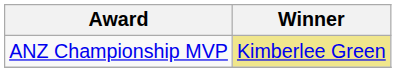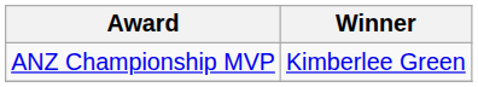 <table class="wikitable collapsible">
 <tr>
 <th>Award</th>
 <th>Winner</th>
 </tr>
 <tr>
 <td><a href='#'>ANZ Championship MVP</a></td>
-<td style="background: khaki;"> <a href='#'>Kimberlee Green</a> <em> </em> </td>
+<td> <a href='#'>Kimberlee Green</a> <em> </em> </td>
 </tr>
 <tr>
 </tr>
 </table>
